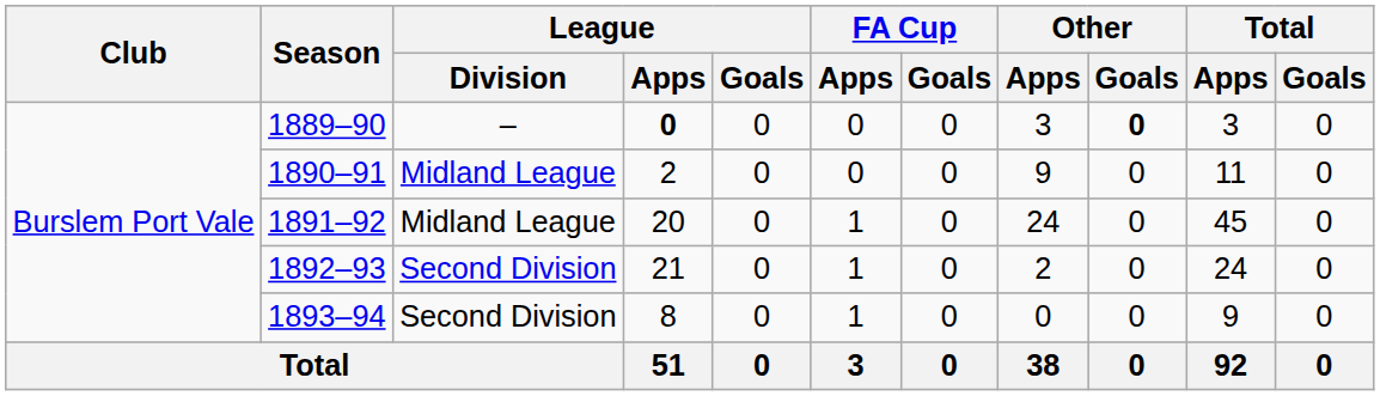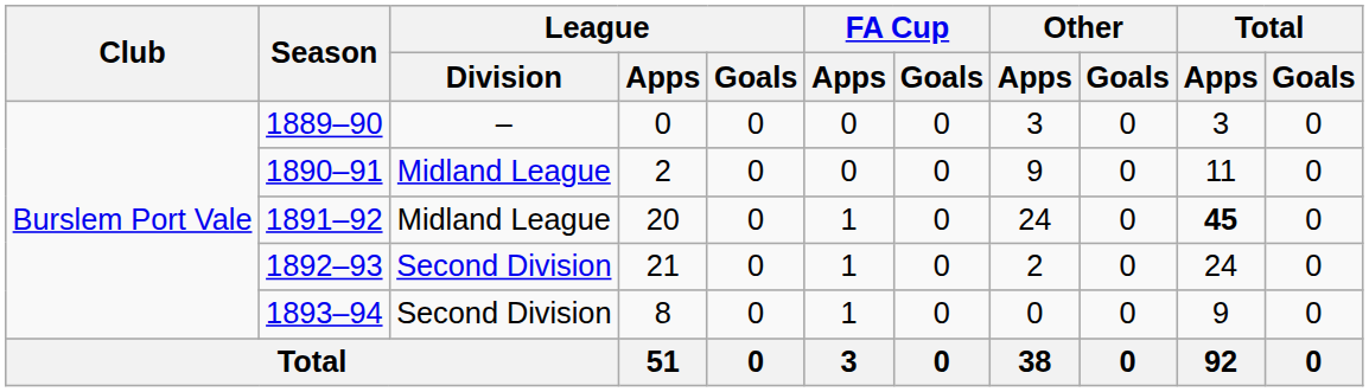 <table class="wikitable" style="text-align:center">
 <tr>
 <th rowspan="2">Club</th>
 <th rowspan="2">Season</th>
 <th colspan="3">League</th>
 <th colspan="2"><a href='#'>FA Cup</a></th>
 <th colspan="2">Other</th>
 <th colspan="2">Total</th>
 </tr>
 <tr>
 <th>Division</th>
 <th>Apps</th>
 <th>Goals</th>
 <th>Apps</th>
 <th>Goals</th>
 <th>Apps</th>
 <th>Goals</th>
 <th>Apps</th>
 <th>Goals</th>
 </tr>
 <tr>
 <td rowspan="5"><a href='#'>Burslem Port Vale</a></td>
 <td><a href='#'>1889–90</a></td>
 <td>–</td>
-<td><strong>0</strong></td>
+<td>0</td>
 <td>0</td>
 <td>0</td>
 <td>0</td>
 <td>3</td>
-<td><strong>0</strong></td>
+<td>0</td>
 <td>3</td>
 <td>0</td>
 </tr>
 <tr>
 <td><a href='#'>1890–91</a></td>
 <td><a href='#'>Midland League</a></td>
 <td>2</td>
 <td>0</td>
 <td>0</td>
 <td>0</td>
 <td>9</td>
 <td>0</td>
 <td>11</td>
 <td>0</td>
 </tr>
 <tr>
 <td><a href='#'>1891–92</a></td>
 <td>Midland League</td>
 <td>20</td>
 <td>0</td>
 <td>1</td>
 <td>0</td>
 <td>24</td>
 <td>0</td>
-<td>45</td>
+<td><strong>45</strong></td>
 <td>0</td>
 </tr>
 <tr>
 <td><a href='#'>1892–93</a></td>
 <td><a href='#'>Second Division</a></td>
 <td>21</td>
 <td>0</td>
 <td>1</td>
 <td>0</td>
 <td>2</td>
 <td>0</td>
 <td>24</td>
 <td>0</td>
 </tr>
 <tr>
 <td><a href='#'>1893–94</a></td>
 <td>Second Division</td>
 <td>8</td>
 <td>0</td>
 <td>1</td>
 <td>0</td>
 <td>0</td>
 <td>0</td>
 <td>9</td>
 <td>0</td>
 </tr>
 <tr>
 <th colspan="3">Total</th>
 <th>51</th>
 <th>0</th>
 <th>3</th>
 <th>0</th>
 <th>38</th>
 <th>0</th>
 <th>92</th>
 <th>0</th>
 </tr>
 </table>
